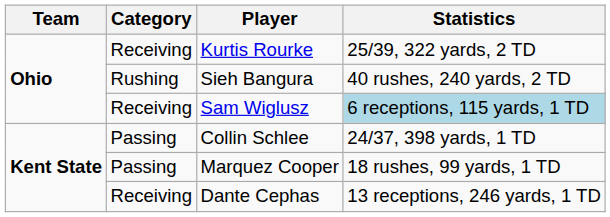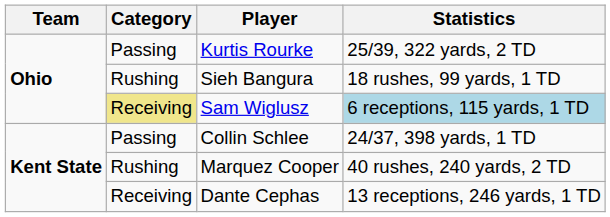 <table class="wikitable" style="float: right;">
 <tr>
 <th>Team</th>
 <th>Category</th>
 <th>Player</th>
 <th>Statistics</th>
 </tr>
 <tr>
 <td rowspan=3><strong>Ohio</strong></td>
-<td>Receiving</td>
+<td>Passing</td>
 <td><a href='#'>Kurtis Rourke</a></td>
 <td>25/39, 322 yards, 2 TD</td>
 </tr>
 <tr>
 <td>Rushing</td>
 <td>Sieh Bangura</td>
-<td>40 rushes, 240 yards, 2 TD</td>
+<td>18 rushes, 99 yards, 1 TD</td>
 </tr>
 <tr>
-<td>Receiving</td>
+<td style="background: khaki;">Receiving</td>
 <td><a href='#'>Sam Wiglusz</a></td>
 <td style="background: lightblue;">6 receptions, 115 yards, 1 TD</td>
 </tr>
 <tr>
 <td rowspan=3><strong>Kent State</strong></td>
 <td>Passing</td>
 <td>Collin Schlee</td>
 <td>24/37, 398 yards, 1 TD</td>
 </tr>
 <tr>
-<td>Passing</td>
+<td>Rushing</td>
 <td>Marquez Cooper</td>
-<td>18 rushes, 99 yards, 1 TD</td>
+<td>40 rushes, 240 yards, 2 TD</td>
 </tr>
 <tr>
 <td>Receiving</td>
 <td>Dante Cephas</td>
 <td>13 receptions, 246 yards, 1 TD</td>
 </tr>
 </table>
